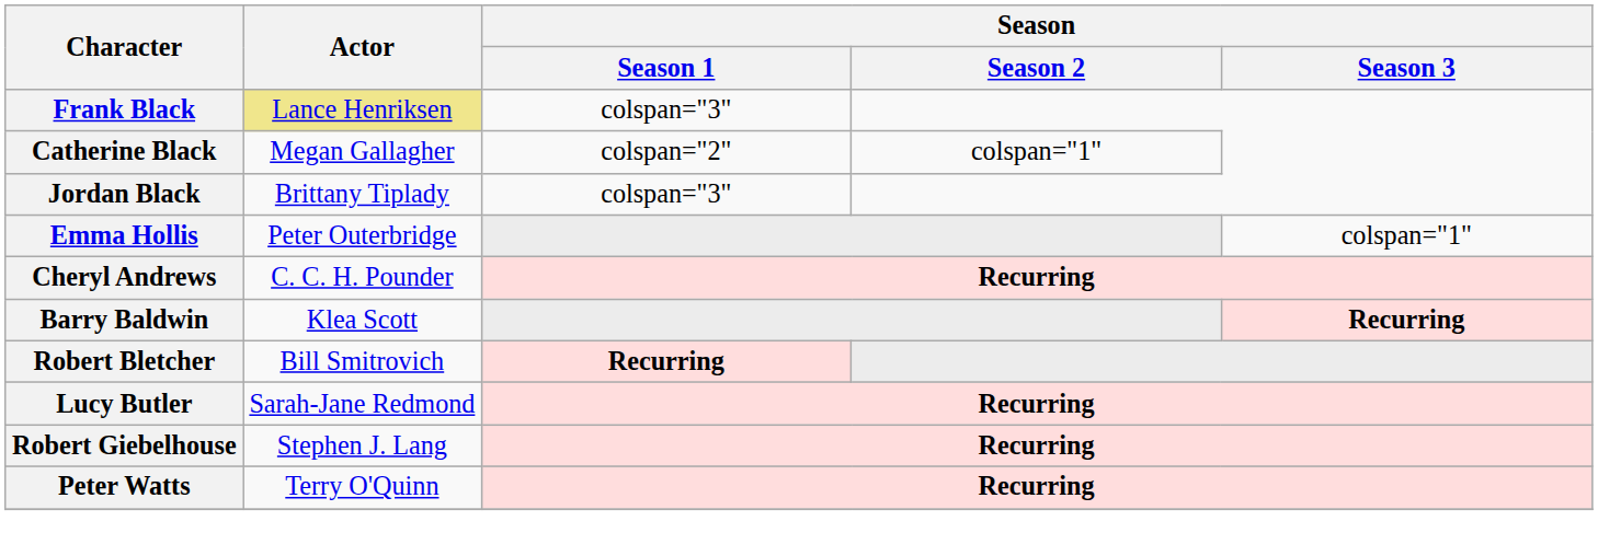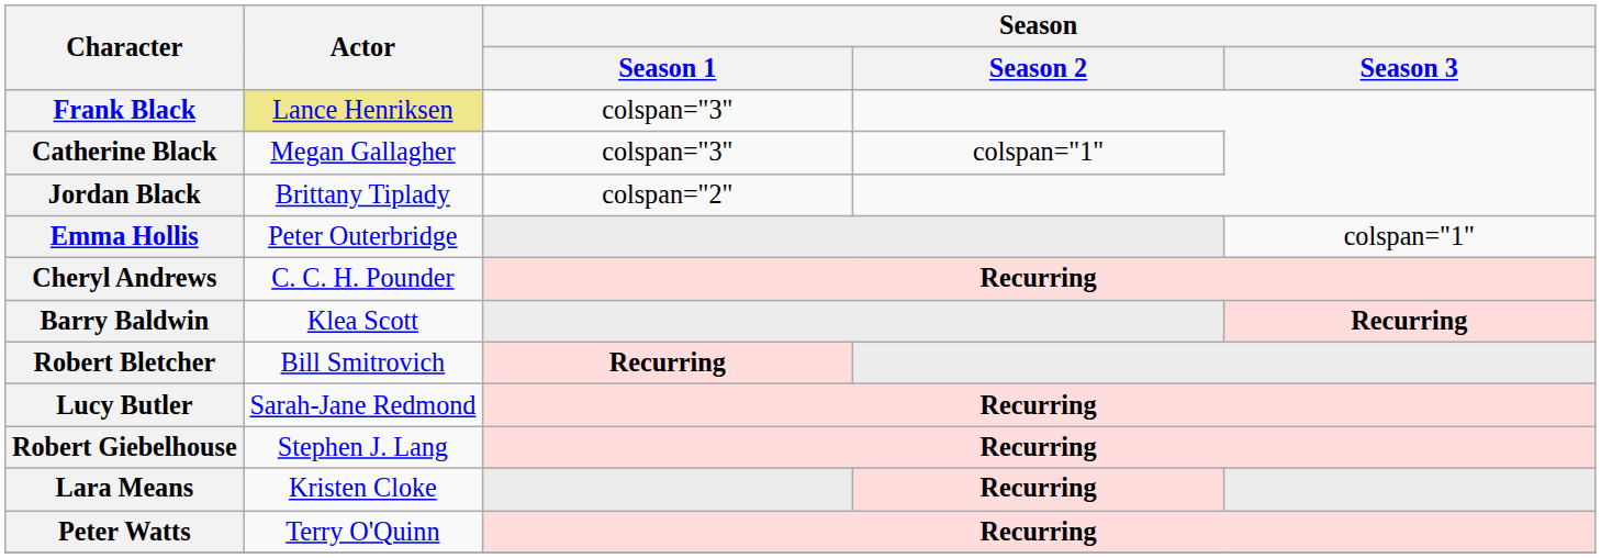 <table class="wikitable plainrowheaders" style="text-align:center">
 <tr>
 <th rowspan="2" width="15%" scope="col">Character</th>
 <th rowspan="2" width="15%" scope="col">Actor</th>
 <th colspan="3">Season</th>
 </tr>
 <tr>
 <th scope="col"><a href='#'>Season 1</a></th>
 <th scope="col"><a href='#'>Season 2</a></th>
 <th scope="col"><a href='#'>Season 3</a></th>
 </tr>
 <tr>
 <th scope="row"><a href='#'>Frank Black</a></th>
 <td style="background: khaki;"><a href='#'>Lance Henriksen</a></td>
 <td>colspan="3" </td>
 </tr>
 <tr>
 <th scope="row">Catherine Black</th>
 <td><a href='#'>Megan Gallagher</a></td>
-<td>colspan="2" </td>
+<td>colspan="3" </td>
 <td>colspan="1" </td>
 </tr>
 <tr>
 <th scope="row">Jordan Black</th>
 <td><a href='#'>Brittany Tiplady</a></td>
-<td>colspan="3" </td>
+<td>colspan="2" </td>
 </tr>
 <tr>
 <th scope="row"><a href='#'>Emma Hollis</a></th>
 <td><a href='#'>Peter Outerbridge</a></td>
 <td colspan="2" style="background: #ececec; color: grey; vertical-align: middle; text-align: center; " class="table-na"></td>
 <td>colspan="1" </td>
 </tr>
 <tr>
 <th scope="row">Cheryl Andrews</th>
 <td><a href='#'>C. C. H. Pounder</a></td>
 <td style="background: #ffdddd" colspan="3" align="center"><strong>Recurring</strong></td>
 </tr>
 <tr>
 <th scope="row">Barry Baldwin</th>
 <td><a href='#'>Klea Scott</a></td>
 <td colspan="2" style="background: #ececec; color: grey; vertical-align: middle; text-align: center; " class="table-na"></td>
 <td style="background: #ffdddd" colspan="1" align="center"><strong>Recurring</strong></td>
 </tr>
 <tr>
 <th scope="row">Robert Bletcher</th>
 <td><a href='#'>Bill Smitrovich</a></td>
 <td style="background: #ffdddd" colspan="1" align="center"><strong>Recurring</strong></td>
 <td colspan="2" style="background: #ececec; color: grey; vertical-align: middle; text-align: center; " class="table-na"></td>
 </tr>
 <tr>
 <th scope="row">Lucy Butler</th>
 <td><a href='#'>Sarah-Jane Redmond</a></td>
 <td style="background: #ffdddd" colspan="3" align="center"><strong>Recurring</strong></td>
 </tr>
 <tr>
 <th scope="row">Robert Giebelhouse</th>
 <td><a href='#'>Stephen J. Lang</a></td>
 <td style="background: #ffdddd" colspan="3" align="center"><strong>Recurring</strong></td>
 </tr>
 <tr>
+<th scope="row">Lara Means</th>
+<td><a href='#'>Kristen Cloke</a></td>
+<td colspan="1" style="background: #ececec; color: grey; vertical-align: middle; text-align: center; " class="table-na"></td>
+<td style="background: #ffdddd" colspan="1" align="center"><strong>Recurring</strong></td>
+<td colspan="1" style="background: #ececec; color: grey; vertical-align: middle; text-align: center; " class="table-na"></td>
+</tr>
+<tr>
 <th scope="row">Peter Watts</th>
 <td><a href='#'>Terry O'Quinn</a></td>
 <td style="background: #ffdddd" colspan="3" align="center"><strong>Recurring</strong></td>
 </tr>
 <tr>
 </tr>
 </table>
